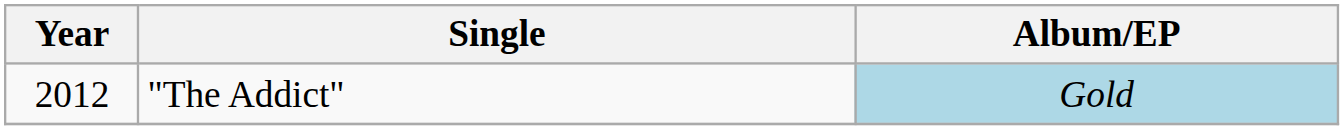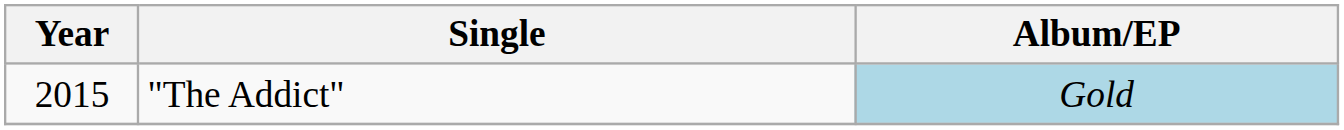 <table class="wikitable">
 <tr>
 <th width="50">Year</th>
 <th width="300">Single</th>
 <th width="200">Album/EP</th>
 </tr>
 <tr>
-<td rowspan="1" align="center">2012</td>
+<td rowspan="1" align="center">2015</td>
 <td>"The Addict"<br></td>
 <td rowspan="1" align="center" style="background: lightblue;"><em>Gold</em></td>
 </tr>
 <tr>
 </tr>
 </table>
